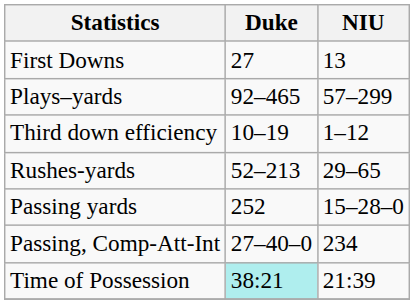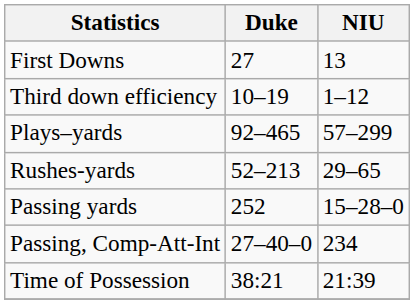 <table class="wikitable">
 <tr>
 <th>Statistics</th>
 <th>Duke</th>
 <th>NIU</th>
 </tr>
 <tr>
 <td>First Downs</td>
 <td>27</td>
 <td>13</td>
 </tr>
 <tr>
+<td>Third down efficiency</td>
+<td>10–19</td>
+<td>1–12</td>
+</tr>
+<tr>
 <td>Plays–yards</td>
 <td>92–465</td>
 <td>57–299</td>
-</tr>
-<tr>
-<td>Third down efficiency</td>
-<td>10–19</td>
-<td>1–12</td>
 </tr>
 <tr>
 <td>Rushes-yards</td>
 <td>52–213</td>
 <td>29–65</td>
 </tr>
 <tr>
 <td>Passing yards</td>
 <td>252</td>
 <td>15–28–0</td>
 </tr>
 <tr>
 <td>Passing, Comp-Att-Int</td>
 <td>27–40–0</td>
 <td>234</td>
 </tr>
 <tr>
 <td>Time of Possession</td>
-<td style="background: paleturquoise;">38:21</td>
+<td>38:21</td>
 <td>21:39</td>
 </tr>
 <tr>
 </tr>
 </table>
